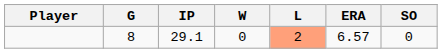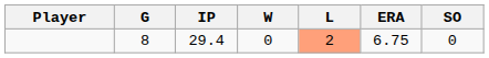 <table class="wikitable sortable">
 <tr>
 <th bgcolor="#DDDDFF" width="16%">Player</th>
 <th bgcolor="#DDDDFF" width="9%">G</th>
 <th bgcolor="#DDDDFF" width="9%">IP</th>
 <th bgcolor="#DDDDFF" width="9%">W</th>
 <th bgcolor="#DDDDFF" width="9%">L</th>
 <th bgcolor="#DDDDFF" width="9%">ERA</th>
 <th bgcolor="#DDDDFF" width="9%">SO</th>
 </tr>
 <tr align="center">
 <td></td>
 <td>8</td>
-<td>29.1</td>
+<td>29.4</td>
 <td>0</td>
 <td style="background: lightsalmon;">2</td>
-<td>6.57</td>
+<td>6.75</td>
 <td>0</td>
 </tr>
 </table>
